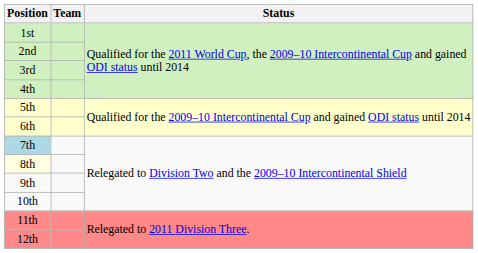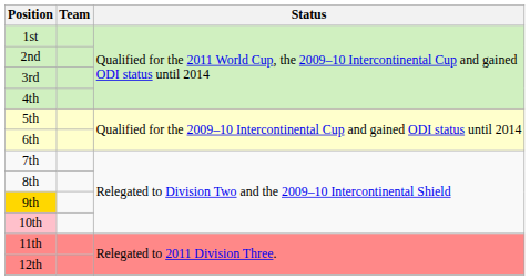 <table class="wikitable">
 <tr>
 <th>Position</th>
 <th>Team</th>
 <th>Status</th>
 </tr>
 <tr style="background: #D0F0C0">
 <td style="text-align:center;">1st</td>
 <td></td>
 <td rowspan=4>Qualified for the <a href='#'>2011 World Cup</a>, the <a href='#'>2009–10 Intercontinental Cup</a> and gained<br><a href='#'>ODI status</a> until 2014</td>
 </tr>
 <tr style="background: #D0F0C0">
 <td style="text-align:center;">2nd</td>
 <td></td>
 </tr>
 <tr style="background: #D0F0C0">
 <td style="text-align:center;">3rd</td>
 <td></td>
 </tr>
 <tr style="background: #D0F0C0">
 <td style="text-align:center;">4th</td>
 <td></td>
 </tr>
 <tr style="background: #FFFFCC">
 <td style="text-align:center;">5th</td>
 <td></td>
 <td rowspan=2>Qualified for the <a href='#'>2009–10 Intercontinental Cup</a> and gained <a href='#'>ODI status</a> until 2014</td>
 </tr>
 <tr style="background: #FFFFCC">
 <td style="text-align:center;">6th</td>
 <td></td>
 </tr>
 <tr>
-<td style="background: lightblue; text-align:center;">7th</td>
+<td style="text-align:center;">7th</td>
 <td></td>
 <td rowspan=4>Relegated to <a href='#'>Division Two</a> and the <a href='#'>2009–10 Intercontinental Shield</a></td>
 </tr>
 <tr>
-<td style="background: lightyellow; text-align:center;">8th</td>
+<td style="text-align:center;">8th</td>
 <td></td>
 </tr>
 <tr>
-<td style="text-align:center;">9th</td>
+<td style="background: gold; text-align:center;">9th</td>
 <td></td>
 </tr>
 <tr>
-<td style="text-align:center;">10th</td>
+<td style="background: pink; text-align:center;">10th</td>
 <td></td>
 </tr>
 <tr style="background: #FF8888">
 <td style="text-align:center;">11th</td>
 <td></td>
 <td rowspan=2>Relegated to <a href='#'>2011 Division Three</a>.</td>
 </tr>
 <tr style="background: #FF8888">
 <td style="text-align:center;">12th</td>
 <td></td>
 </tr>
 </table>
